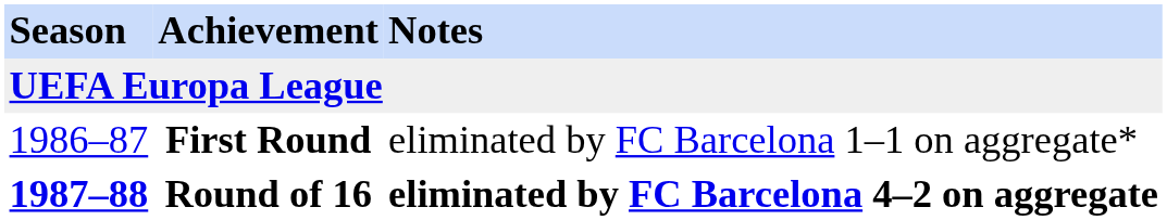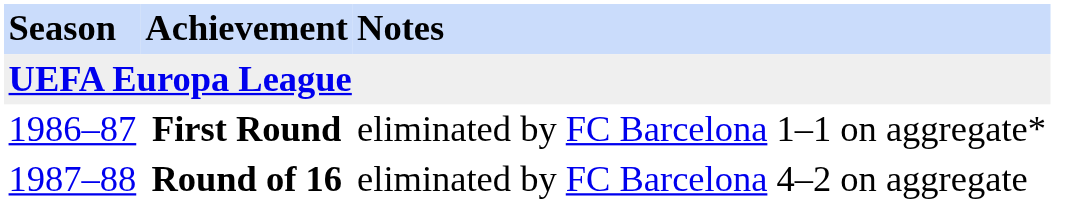 <table class="toccolours" border="0" cellpadding="2" cellspacing="0" style="text-align:left" style="margin:0.5em;">
 <tr style="background:#cadcfb">
 <th>Season</th>
 <th>Achievement</th>
 <th>Notes</th>
 </tr>
 <tr>
 <th colspan="4" style="background:#EFEFEF"><a href='#'>UEFA Europa League</a></th>
 </tr>
 <tr>
 <td style="text-align:center"><a href='#'>1986–87</a></td>
 <td style="text-align:center"><strong>First Round</strong></td>
 <td style="text-align:left">eliminated by  <a href='#'>FC Barcelona</a> 1–1 on aggregate*</td>
 </tr>
 <tr>
-<td style="text-align:center"><strong><a href='#'>1987–88</a></strong></td>
+<td style="text-align:center"><a href='#'>1987–88</a></td>
 <td style="text-align:center"><strong>Round of 16</strong></td>
-<td style="text-align:left"><strong>eliminated by  <a href='#'>FC Barcelona</a> 4–2 on aggregate</strong></td>
+<td style="text-align:left">eliminated by  <a href='#'>FC Barcelona</a> 4–2 on aggregate</td>
 </tr>
 </table>
